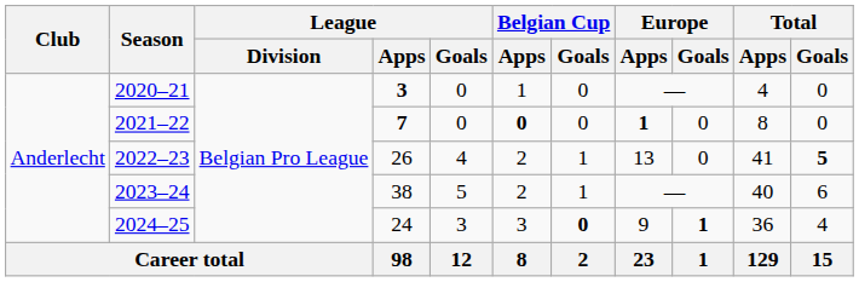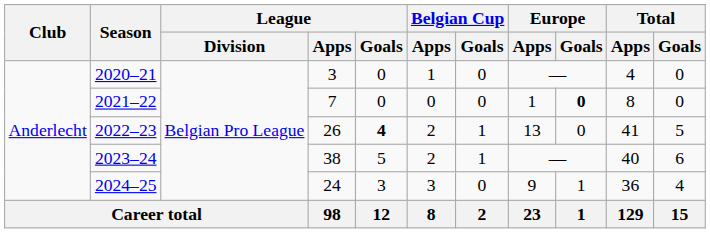 <table class=wikitable style=text-align:center>
 <tr>
 <th rowspan=2>Club</th>
 <th rowspan=2>Season</th>
 <th colspan=3>League</th>
 <th colspan=2><a href='#'>Belgian Cup</a></th>
 <th colspan=2>Europe</th>
 <th colspan=2>Total</th>
 </tr>
 <tr>
 <th>Division</th>
 <th>Apps</th>
 <th>Goals</th>
 <th>Apps</th>
 <th>Goals</th>
 <th>Apps</th>
 <th>Goals</th>
 <th>Apps</th>
 <th>Goals</th>
 </tr>
 <tr>
 <td rowspan="5"><a href='#'>Anderlecht</a></td>
 <td><a href='#'>2020–21</a></td>
 <td rowspan="5"><a href='#'>Belgian Pro League</a></td>
-<td><strong>3</strong></td>
+<td>3</td>
 <td>0</td>
 <td>1</td>
 <td>0</td>
 <td colspan="2">—</td>
 <td>4</td>
 <td>0</td>
 </tr>
 <tr>
 <td><a href='#'>2021–22</a></td>
-<td><strong>7</strong></td>
+<td>7</td>
 <td>0</td>
+<td>0</td>
+<td>0</td>
+<td>1</td>
 <td><strong>0</strong></td>
-<td>0</td>
-<td><strong>1</strong></td>
-<td>0</td>
 <td>8</td>
 <td>0</td>
 </tr>
 <tr>
 <td><a href='#'>2022–23</a></td>
 <td>26</td>
-<td>4</td>
+<td><strong>4</strong></td>
 <td>2</td>
 <td>1</td>
 <td>13</td>
 <td>0</td>
 <td>41</td>
-<td><strong>5</strong></td>
+<td>5</td>
 </tr>
 <tr>
 <td><a href='#'>2023–24</a></td>
 <td>38</td>
 <td>5</td>
 <td>2</td>
 <td>1</td>
 <td colspan="2">—</td>
 <td>40</td>
 <td>6</td>
 </tr>
 <tr>
 <td><a href='#'>2024–25</a></td>
 <td>24</td>
 <td>3</td>
 <td>3</td>
-<td><strong>0</strong></td>
+<td>0</td>
 <td>9</td>
-<td><strong>1</strong></td>
+<td>1</td>
 <td>36</td>
 <td>4</td>
 </tr>
 <tr>
 <th colspan="3">Career total</th>
 <th>98</th>
 <th>12</th>
 <th>8</th>
 <th>2</th>
 <th>23</th>
 <th>1</th>
 <th>129</th>
 <th>15</th>
 </tr>
 </table>
